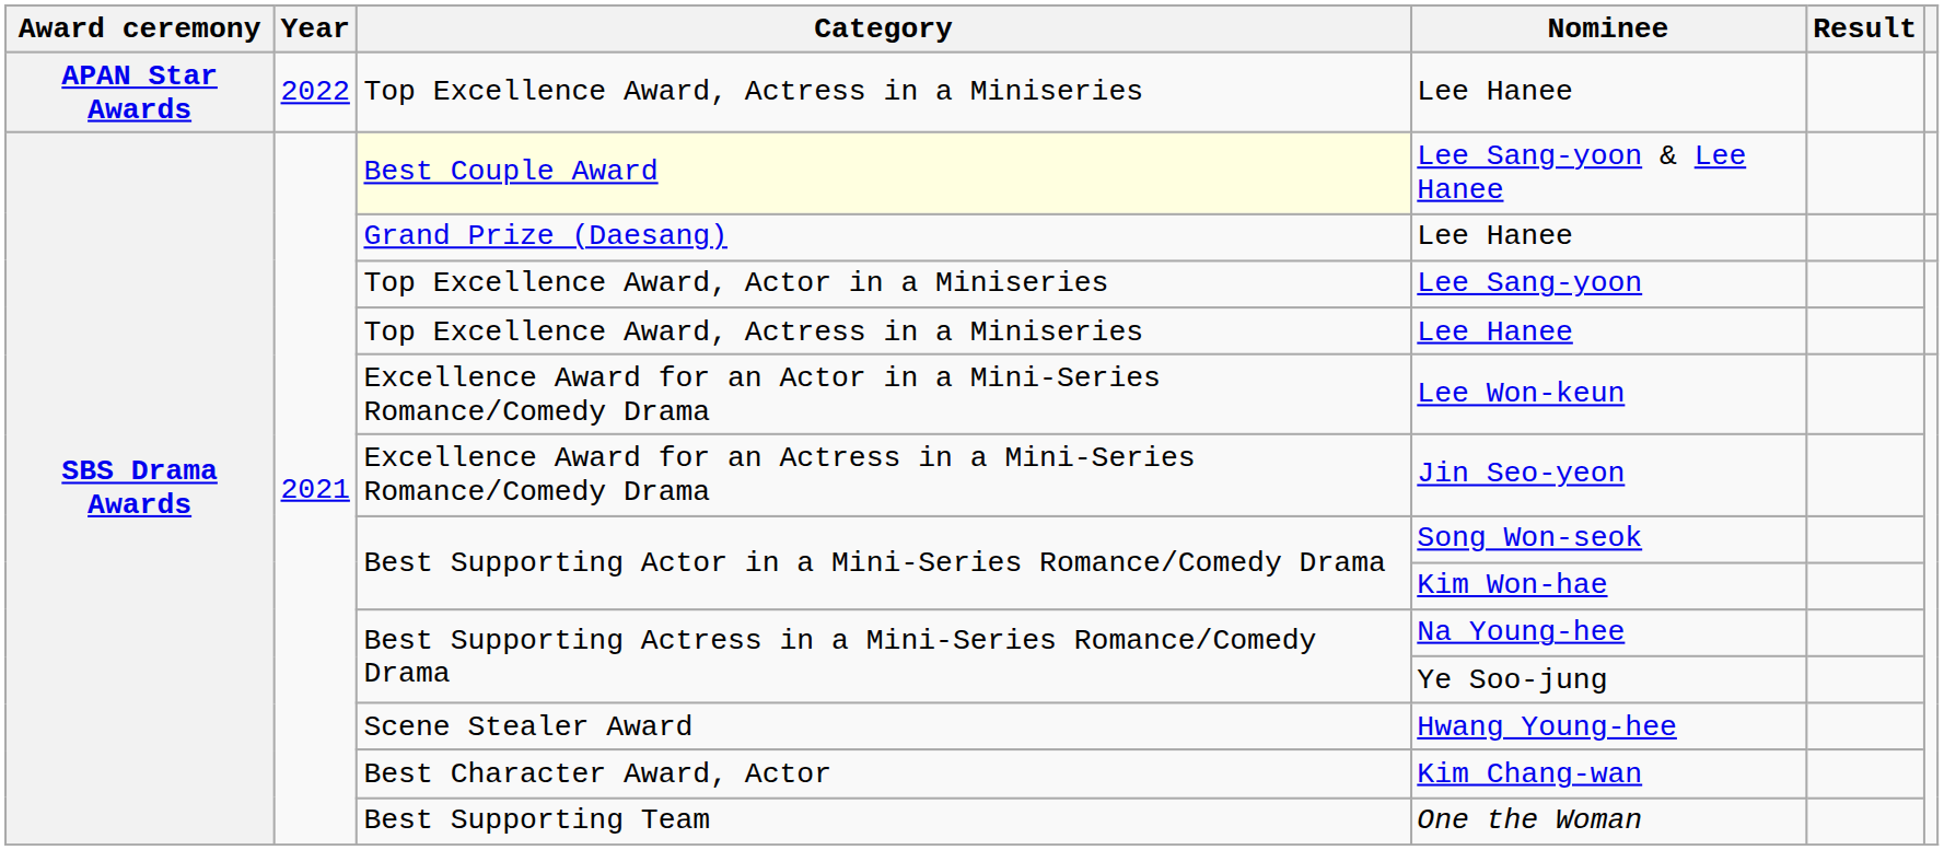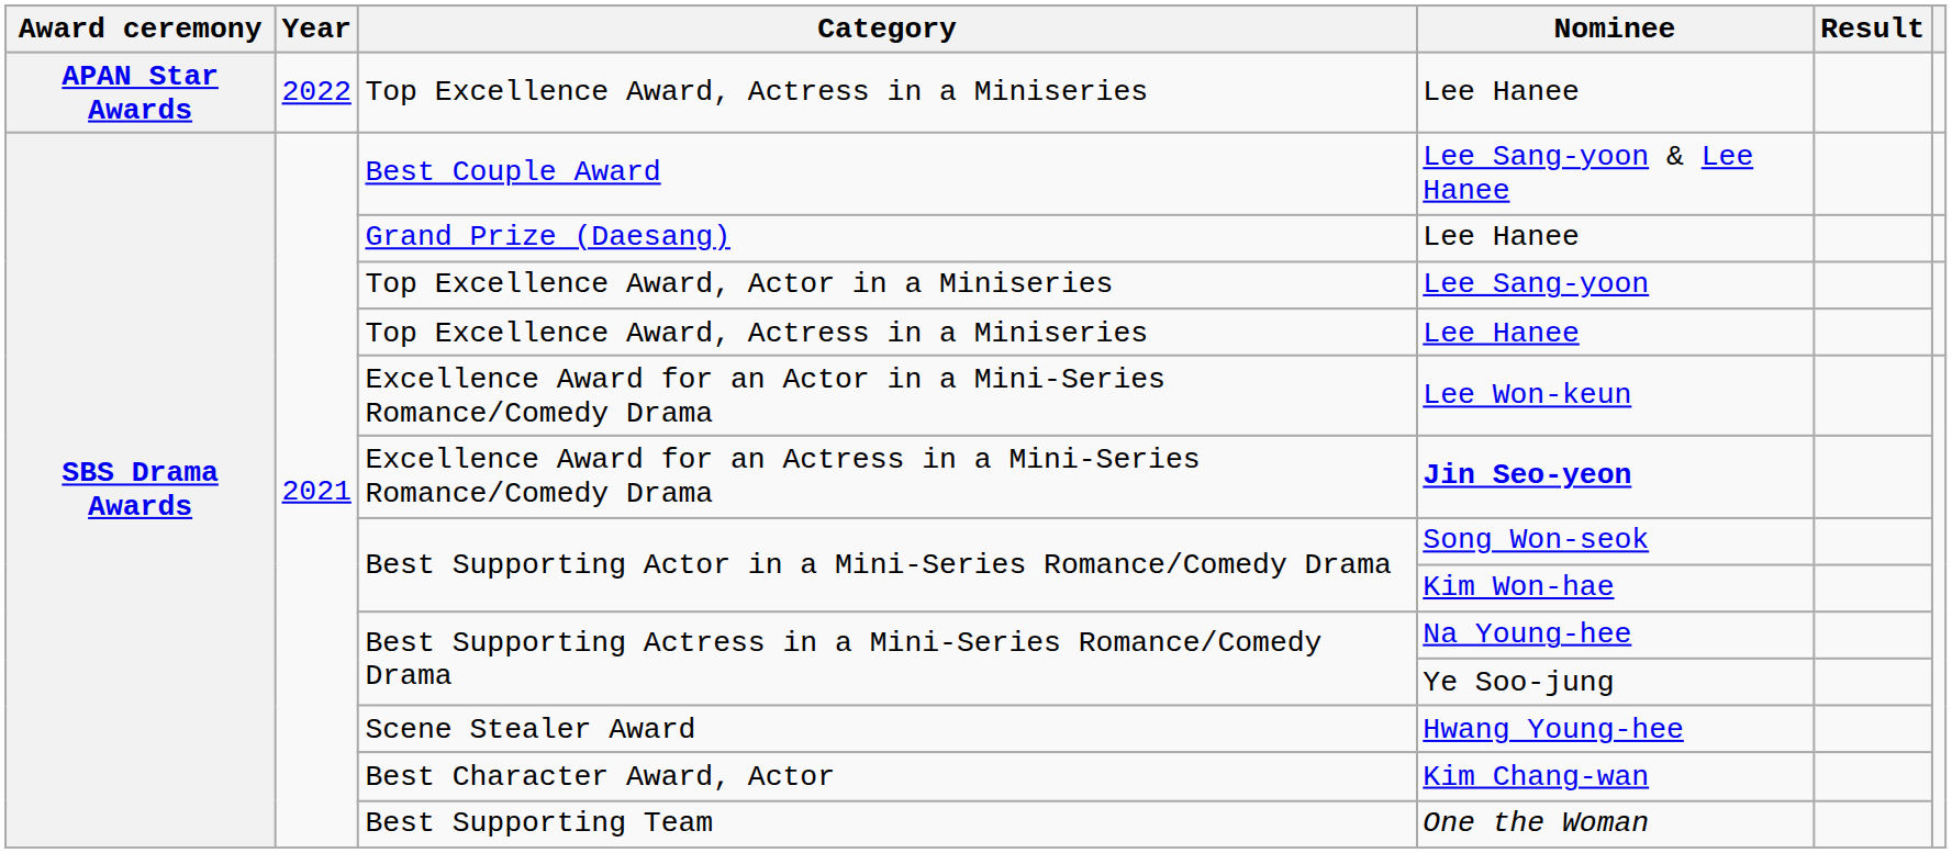 <table class="wikitable plainrowheaders sortable">
 <tr>
 <th scope="col">Award ceremony</th>
 <th scope="col">Year</th>
 <th scope="col">Category</th>
 <th scope="col">Nominee</th>
 <th scope="col">Result</th>
 <th scope="col" class="unsortable"></th>
 </tr>
 <tr>
 <th scope="row"><a href='#'>APAN Star Awards</a></th>
 <td><a href='#'>2022</a></td>
 <td>Top Excellence Award, Actress in a Miniseries</td>
 <td>Lee Hanee</td>
 <td></td>
 <td></td>
 </tr>
 <tr>
 <th scope="row"  rowspan="13"><a href='#'>SBS Drama Awards</a></th>
 <td rowspan=13><a href='#'>2021</a></td>
-<td style="background: lightyellow;"><a href='#'>Best Couple Award</a></td>
+<td><a href='#'>Best Couple Award</a></td>
 <td><a href='#'>Lee Sang-yoon</a> & <a href='#'>Lee Hanee</a></td>
 <td></td>
 <td></td>
 </tr>
 <tr>
 <td><a href='#'>Grand Prize (Daesang)</a></td>
 <td>Lee Hanee</td>
 <td></td>
 <td></td>
 </tr>
 <tr>
 <td>Top Excellence Award, Actor in a Miniseries</td>
 <td><a href='#'>Lee Sang-yoon</a></td>
 <td></td>
 <td rowspan=2></td>
 </tr>
 <tr>
 <td>Top Excellence Award, Actress in a Miniseries</td>
 <td><a href='#'>Lee Hanee</a></td>
 <td></td>
 </tr>
 <tr>
 <td>Excellence Award for an Actor in a Mini-Series Romance/Comedy Drama</td>
 <td><a href='#'>Lee Won-keun</a></td>
 <td></td>
 <td rowspan="9"></td>
 </tr>
 <tr>
 <td>Excellence Award for an Actress in a Mini-Series Romance/Comedy Drama</td>
-<td><a href='#'>Jin Seo-yeon</a></td>
+<td><strong><a href='#'>Jin Seo-yeon</a></strong></td>
 <td></td>
 </tr>
 <tr>
 <td rowspan="2">Best Supporting Actor in a Mini-Series Romance/Comedy Drama</td>
 <td><a href='#'>Song Won-seok</a></td>
 <td></td>
 </tr>
 <tr>
 <td><a href='#'>Kim Won-hae</a></td>
 <td></td>
 </tr>
 <tr>
 <td rowspan="2">Best Supporting Actress in a Mini-Series Romance/Comedy Drama</td>
 <td><a href='#'>Na Young-hee</a></td>
 <td></td>
 </tr>
 <tr>
 <td>Ye Soo-jung</td>
 <td></td>
 </tr>
 <tr>
 <td>Scene Stealer Award</td>
 <td><a href='#'>Hwang Young-hee</a></td>
 <td></td>
 </tr>
 <tr>
 <td>Best Character Award, Actor</td>
 <td><a href='#'>Kim Chang-wan</a></td>
 <td></td>
 </tr>
 <tr>
 <td>Best Supporting Team</td>
 <td><em>One the Woman</em></td>
 <td></td>
 </tr>
 <tr>
 </tr>
 </table>
